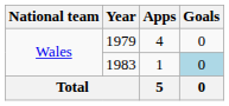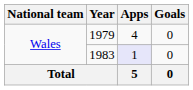 <table class=wikitable style="text-align: center">
 <tr>
 <th>National team</th>
 <th>Year</th>
 <th>Apps</th>
 <th>Goals</th>
 </tr>
 <tr>
 <td rowspan=2><a href='#'>Wales</a></td>
 <td>1979</td>
 <td>4</td>
 <td>0</td>
 </tr>
 <tr>
 <td>1983</td>
-<td>1</td>
-<td style="background: lightblue;">0</td>
+<td style="background: lavender;">1</td>
+<td>0</td>
 </tr>
 <tr>
 <th colspan=2>Total</th>
 <th>5</th>
 <th>0</th>
 </tr>
 </table>
